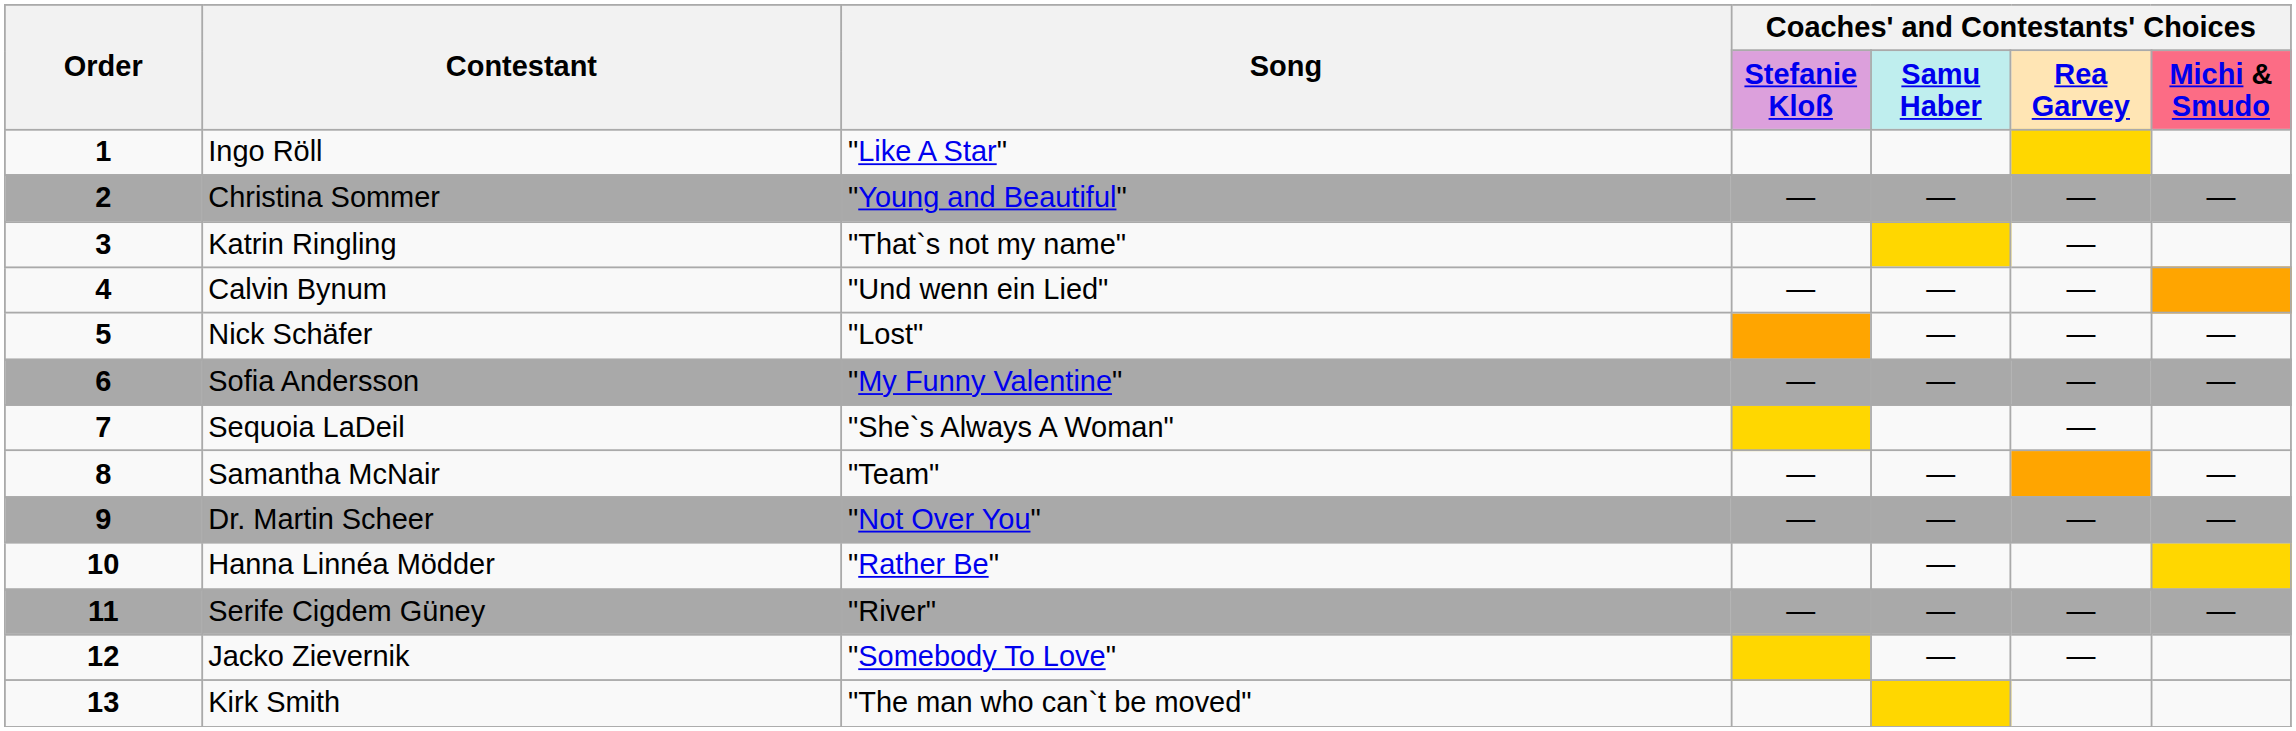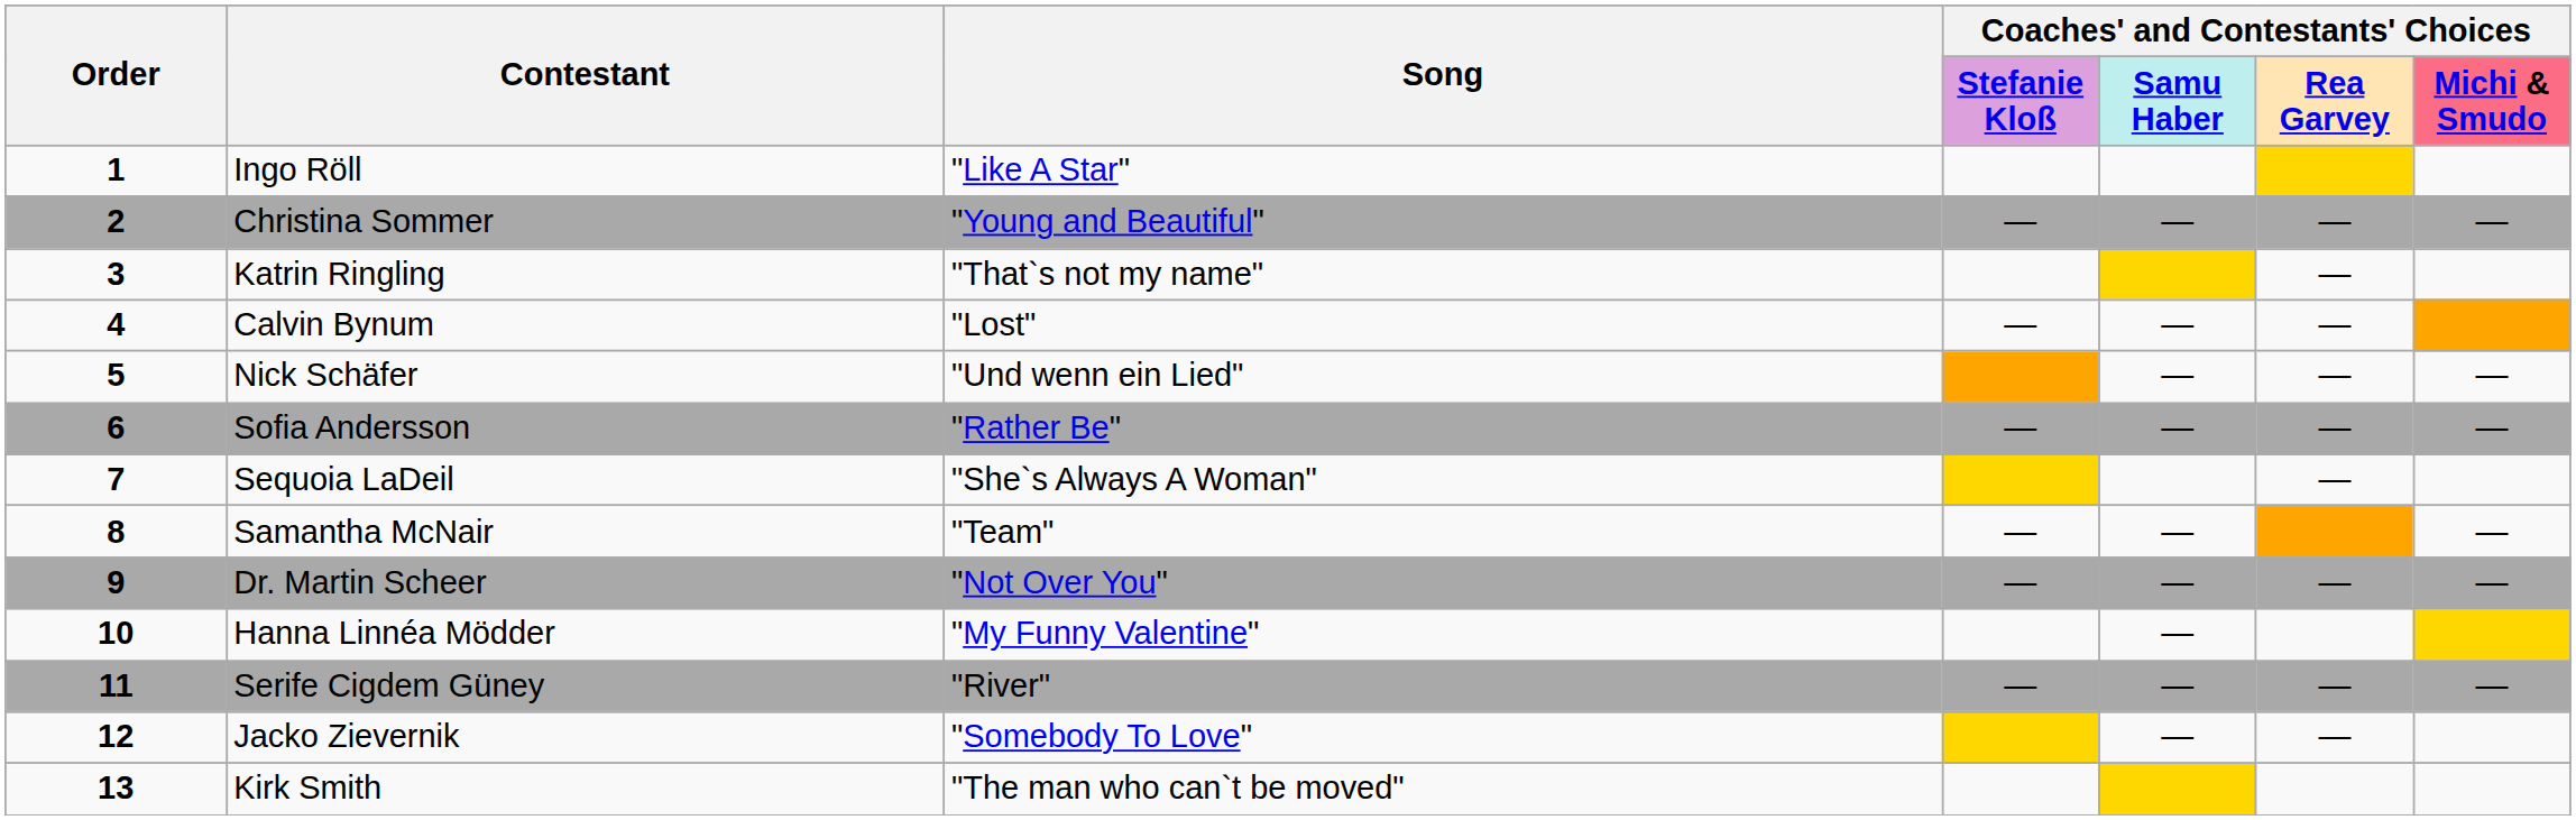 <table class="wikitable" style="width:100%;">
 <tr>
 <th rowspan=2>Order</th>
 <th rowspan=2>Contestant</th>
 <th rowspan=2>Song</th>
 <th colspan=4>Coaches' and Contestants' Choices</th>
 </tr>
 <tr>
 <th style="background-color:#dca0dc" width="70"><a href='#'>Stefanie Kloß</a></th>
 <th style="background-color:#bfeeee" width="70"><a href='#'>Samu Haber</a></th>
 <th style="background-color:#ffe5b4" width="70"><a href='#'>Rea Garvey</a></th>
 <th style="background-color:#FC6C85" width="70"><a href='#'>Michi</a> & <a href='#'>Smudo</a></th>
 </tr>
 <tr>
 <td align="center"><strong>1</strong></td>
 <td>Ingo Röll</td>
 <td>"<a href='#'>Like A Star</a>"</td>
 <td style=";text-align:center;"></td>
 <td style=";text-align:center;"></td>
 <td style="background:gold;text-align:center;"></td>
 <td style=";text-align:center;"></td>
 </tr>
 <tr>
 </tr>
 <tr bgcolor=darkgrey>
 <td align="center"><strong>2</strong></td>
 <td>Christina Sommer</td>
 <td>"<a href='#'>Young and Beautiful</a>"</td>
 <td align="center">—</td>
 <td align="center">—</td>
 <td align="center">—</td>
 <td align="center">—</td>
 </tr>
 <tr>
 <td align="center"><strong>3</strong></td>
 <td>Katrin Ringling</td>
 <td>"That`s not my name"</td>
 <td style=";text-align:center;"></td>
 <td style="background:gold;text-align:center;"></td>
 <td align="center">—</td>
 <td style=";text-align:center;"></td>
 </tr>
 <tr>
 <td align="center"><strong>4</strong></td>
 <td>Calvin Bynum</td>
-<td>"Und wenn ein Lied"</td>
+<td>"Lost"</td>
 <td align="center">—</td>
 <td align="center">—</td>
 <td align="center">—</td>
 <td style="background:orange;text-align:center;"></td>
 </tr>
 <tr>
 <td align="center"><strong>5</strong></td>
 <td>Nick Schäfer</td>
-<td>"Lost"</td>
+<td>"Und wenn ein Lied"</td>
 <td style="background:orange;text-align:center;"></td>
 <td align="center">—</td>
 <td align="center">—</td>
 <td align="center">—</td>
 </tr>
 <tr>
 </tr>
 <tr bgcolor=darkgrey>
 <td align="center"><strong>6</strong></td>
 <td>Sofia Andersson</td>
-<td>"<a href='#'>My Funny Valentine</a>"</td>
+<td>"<a href='#'>Rather Be</a>"</td>
 <td align="center">—</td>
 <td align="center">—</td>
 <td align="center">—</td>
 <td align="center">—</td>
 </tr>
 <tr>
 <td align="center"><strong>7</strong></td>
 <td>Sequoia LaDeil</td>
 <td>"She`s Always A Woman"</td>
 <td style="background:gold;text-align:center;"></td>
 <td style=";text-align:center;"></td>
 <td align="center">—</td>
 <td style=";text-align:center;"></td>
 </tr>
 <tr>
 <td align="center"><strong>8</strong></td>
 <td>Samantha McNair</td>
 <td>"Team"</td>
 <td align="center">—</td>
 <td align="center">—</td>
 <td style="background:orange;text-align:center;"></td>
 <td align="center">—</td>
 </tr>
 <tr>
 </tr>
 <tr bgcolor=darkgrey>
 <td align="center"><strong>9</strong></td>
 <td>Dr. Martin Scheer</td>
 <td>"<a href='#'>Not Over You</a>"</td>
 <td align="center">—</td>
 <td align="center">—</td>
 <td align="center">—</td>
 <td align="center">—</td>
 </tr>
 <tr>
 <td align="center"><strong>10</strong></td>
 <td>Hanna Linnéa Mödder</td>
-<td>"<a href='#'>Rather Be</a>"</td>
+<td>"<a href='#'>My Funny Valentine</a>"</td>
 <td style=";text-align:center;"></td>
 <td align="center">—</td>
 <td style=";text-align:center;"></td>
 <td style="background:gold;text-align:center;"></td>
 </tr>
 <tr>
 </tr>
 <tr bgcolor=darkgrey>
 <td align="center"><strong>11</strong></td>
 <td>Serife Cigdem Güney</td>
 <td>"River"</td>
 <td align="center">—</td>
 <td align="center">—</td>
 <td align="center">—</td>
 <td align="center">—</td>
 </tr>
 <tr>
 <td align="center"><strong>12</strong></td>
 <td>Jacko Zievernik</td>
 <td>"<a href='#'>Somebody To Love</a>"</td>
 <td style="background:gold;text-align:center;"></td>
 <td align="center">—</td>
 <td align="center">—</td>
 <td style=";text-align:center;"></td>
 </tr>
 <tr>
 <td align="center"><strong>13</strong></td>
 <td>Kirk Smith</td>
 <td>"The man who can`t be moved"</td>
 <td style=";text-align:center;"></td>
 <td style="background:gold;text-align:center;"></td>
 <td style=";text-align:center;"></td>
 <td style=";text-align:center;"></td>
 </tr>
 <tr>
 </tr>
 </table>
